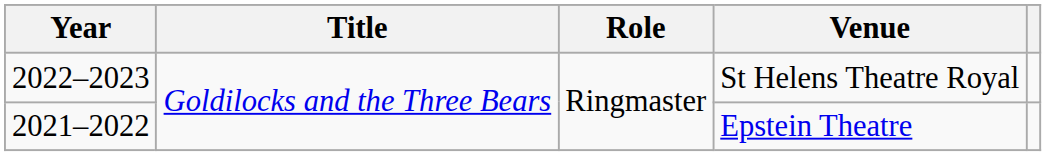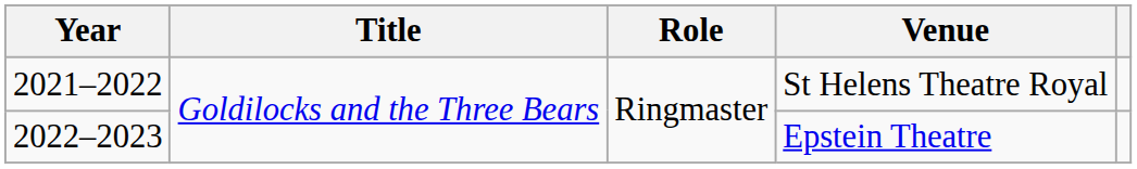 <table class="wikitable sortable">
 <tr>
 <th>Year</th>
 <th>Title</th>
 <th>Role</th>
 <th class="unsortable">Venue</th>
 <th class="unsortable"></th>
 </tr>
 <tr>
-<td>2022–2023</td>
+<td>2021–2022</td>
 <td rowspan="2"><em><a href='#'>Goldilocks and the Three Bears</a></em></td>
 <td rowspan="2">Ringmaster</td>
 <td>St Helens Theatre Royal</td>
 <td align="center"></td>
 </tr>
 <tr>
-<td>2021–2022</td>
+<td>2022–2023</td>
 <td><a href='#'>Epstein Theatre</a></td>
 <td align="center"></td>
 </tr>
 </table>
